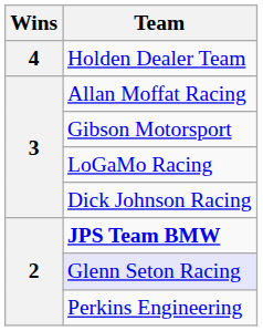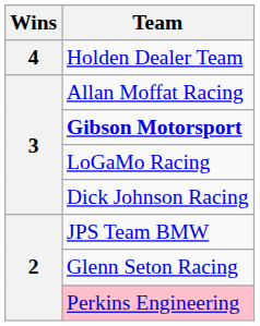 <table class="wikitable" style="font-size: 95%;">
 <tr>
 <th>Wins</th>
 <th>Team</th>
 </tr>
 <tr>
 <th>4</th>
 <td><a href='#'>Holden Dealer Team</a></td>
 </tr>
 <tr>
 <th rowspan="4">3</th>
 <td><a href='#'>Allan Moffat Racing</a></td>
 </tr>
 <tr>
-<td><a href='#'>Gibson Motorsport</a></td>
+<td><strong><a href='#'>Gibson Motorsport</a></strong></td>
 </tr>
 <tr>
 <td><a href='#'>LoGaMo Racing</a></td>
 </tr>
 <tr>
 <td><a href='#'>Dick Johnson Racing</a></td>
 </tr>
 <tr>
 <th rowspan="3">2</th>
-<td><strong><a href='#'>JPS Team BMW</a></strong></td>
+<td><a href='#'>JPS Team BMW</a></td>
 </tr>
 <tr>
-<td style="background: lavender;"><a href='#'>Glenn Seton Racing</a></td>
+<td><a href='#'>Glenn Seton Racing</a></td>
 </tr>
 <tr>
-<td><a href='#'>Perkins Engineering</a></td>
+<td style="background: pink;"><a href='#'>Perkins Engineering</a></td>
 </tr>
 </table>
